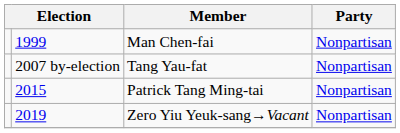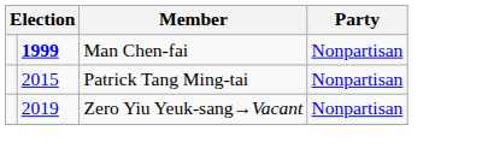 <table class="wikitable">
 <tr>
 <th colspan="2">Election</th>
 <th>Member</th>
 <th>Party</th>
 </tr>
 <tr>
 <td style="background-color: "></td>
-<td><a href='#'>1999</a></td>
+<td><strong><a href='#'>1999</a></strong></td>
 <td>Man Chen-fai</td>
-<td><a href='#'>Nonpartisan</a></td>
-</tr>
-<tr>
-<td style="background-color: "></td>
-<td>2007 by-election</td>
-<td>Tang Yau-fat</td>
 <td><a href='#'>Nonpartisan</a></td>
 </tr>
 <tr>
 <td style="background-color: "></td>
 <td><a href='#'>2015</a></td>
 <td>Patrick Tang Ming-tai</td>
 <td><a href='#'>Nonpartisan</a></td>
 </tr>
 <tr>
 <td style="background-color: "></td>
 <td><a href='#'>2019</a></td>
 <td>Zero Yiu Yeuk-sang→<em>Vacant</em></td>
 <td><a href='#'>Nonpartisan</a></td>
 </tr>
 <tr>
 </tr>
 </table>
